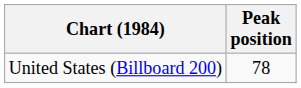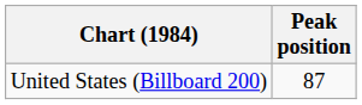 <table class="wikitable">
 <tr>
 <th scope="col">Chart (1984)</th>
 <th>Peak<br>position</th>
 </tr>
 <tr>
 <td>United States (<a href='#'>Billboard 200</a>)</td>
-<td style="text-align:center;">78</td>
+<td style="text-align:center;">87</td>
 </tr>
 </table>
